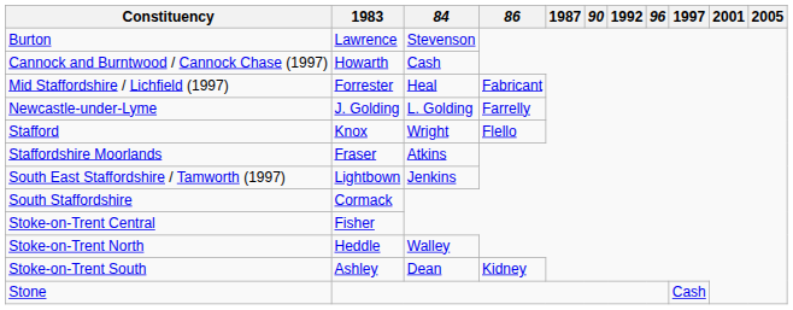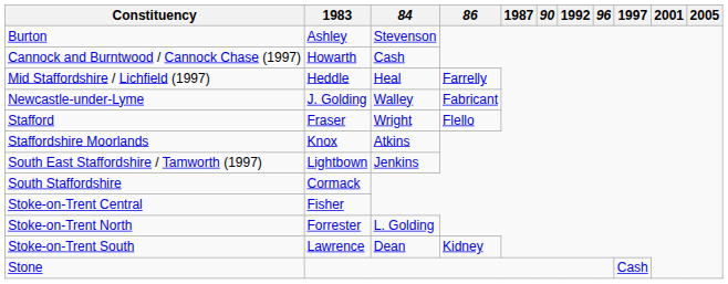 <table class="wikitable">
 <tr>
 <th>Constituency</th>
 <th>1983</th>
 <th><em>84</em></th>
 <th><em>86</em></th>
 <th>1987</th>
 <th><em>90</em></th>
 <th>1992</th>
 <th><em>96</em></th>
 <th>1997</th>
 <th>2001</th>
 <th>2005</th>
 </tr>
 <tr>
 <td><a href='#'>Burton</a></td>
-<td><a href='#'>Lawrence</a></td>
+<td><a href='#'>Ashley</a></td>
 <td><a href='#'>Stevenson</a></td>
 </tr>
 <tr>
 <td><a href='#'>Cannock and Burntwood</a> / <a href='#'>Cannock Chase</a> (1997)</td>
 <td><a href='#'>Howarth</a></td>
 <td><a href='#'>Cash</a></td>
 </tr>
 <tr>
 <td><a href='#'>Mid Staffordshire</a> / <a href='#'>Lichfield</a> (1997)</td>
-<td><a href='#'>Forrester</a></td>
+<td><a href='#'>Heddle</a></td>
 <td><a href='#'>Heal</a></td>
-<td><a href='#'>Fabricant</a></td>
+<td><a href='#'>Farrelly</a></td>
 </tr>
 <tr>
 <td><a href='#'>Newcastle-under-Lyme</a></td>
 <td><a href='#'>J. Golding</a></td>
-<td><a href='#'>L. Golding</a></td>
-<td><a href='#'>Farrelly</a></td>
+<td><a href='#'>Walley</a></td>
+<td><a href='#'>Fabricant</a></td>
 </tr>
 <tr>
 <td><a href='#'>Stafford</a></td>
-<td><a href='#'>Knox</a></td>
+<td><a href='#'>Fraser</a></td>
 <td><a href='#'>Wright</a></td>
 <td><a href='#'>Flello</a></td>
 </tr>
 <tr>
 <td><a href='#'>Staffordshire Moorlands</a></td>
-<td><a href='#'>Fraser</a></td>
+<td><a href='#'>Knox</a></td>
 <td><a href='#'>Atkins</a></td>
 </tr>
 <tr>
 <td><a href='#'>South East Staffordshire</a> / <a href='#'>Tamworth</a> (1997)</td>
 <td><a href='#'>Lightbown</a></td>
 <td><a href='#'>Jenkins</a></td>
 </tr>
 <tr>
 <td><a href='#'>South Staffordshire</a></td>
 <td><a href='#'>Cormack</a></td>
 </tr>
 <tr>
 <td><a href='#'>Stoke-on-Trent Central</a></td>
 <td><a href='#'>Fisher</a></td>
 </tr>
 <tr>
 <td><a href='#'>Stoke-on-Trent North</a></td>
-<td><a href='#'>Heddle</a></td>
-<td><a href='#'>Walley</a></td>
+<td><a href='#'>Forrester</a></td>
+<td><a href='#'>L. Golding</a></td>
 </tr>
 <tr>
 <td><a href='#'>Stoke-on-Trent South</a></td>
-<td><a href='#'>Ashley</a></td>
+<td><a href='#'>Lawrence</a></td>
 <td><a href='#'>Dean</a></td>
 <td><a href='#'>Kidney</a></td>
 </tr>
 <tr>
 <td><a href='#'>Stone</a></td>
 <td colspan="7"></td>
 <td><a href='#'>Cash</a></td>
 </tr>
 </table>
